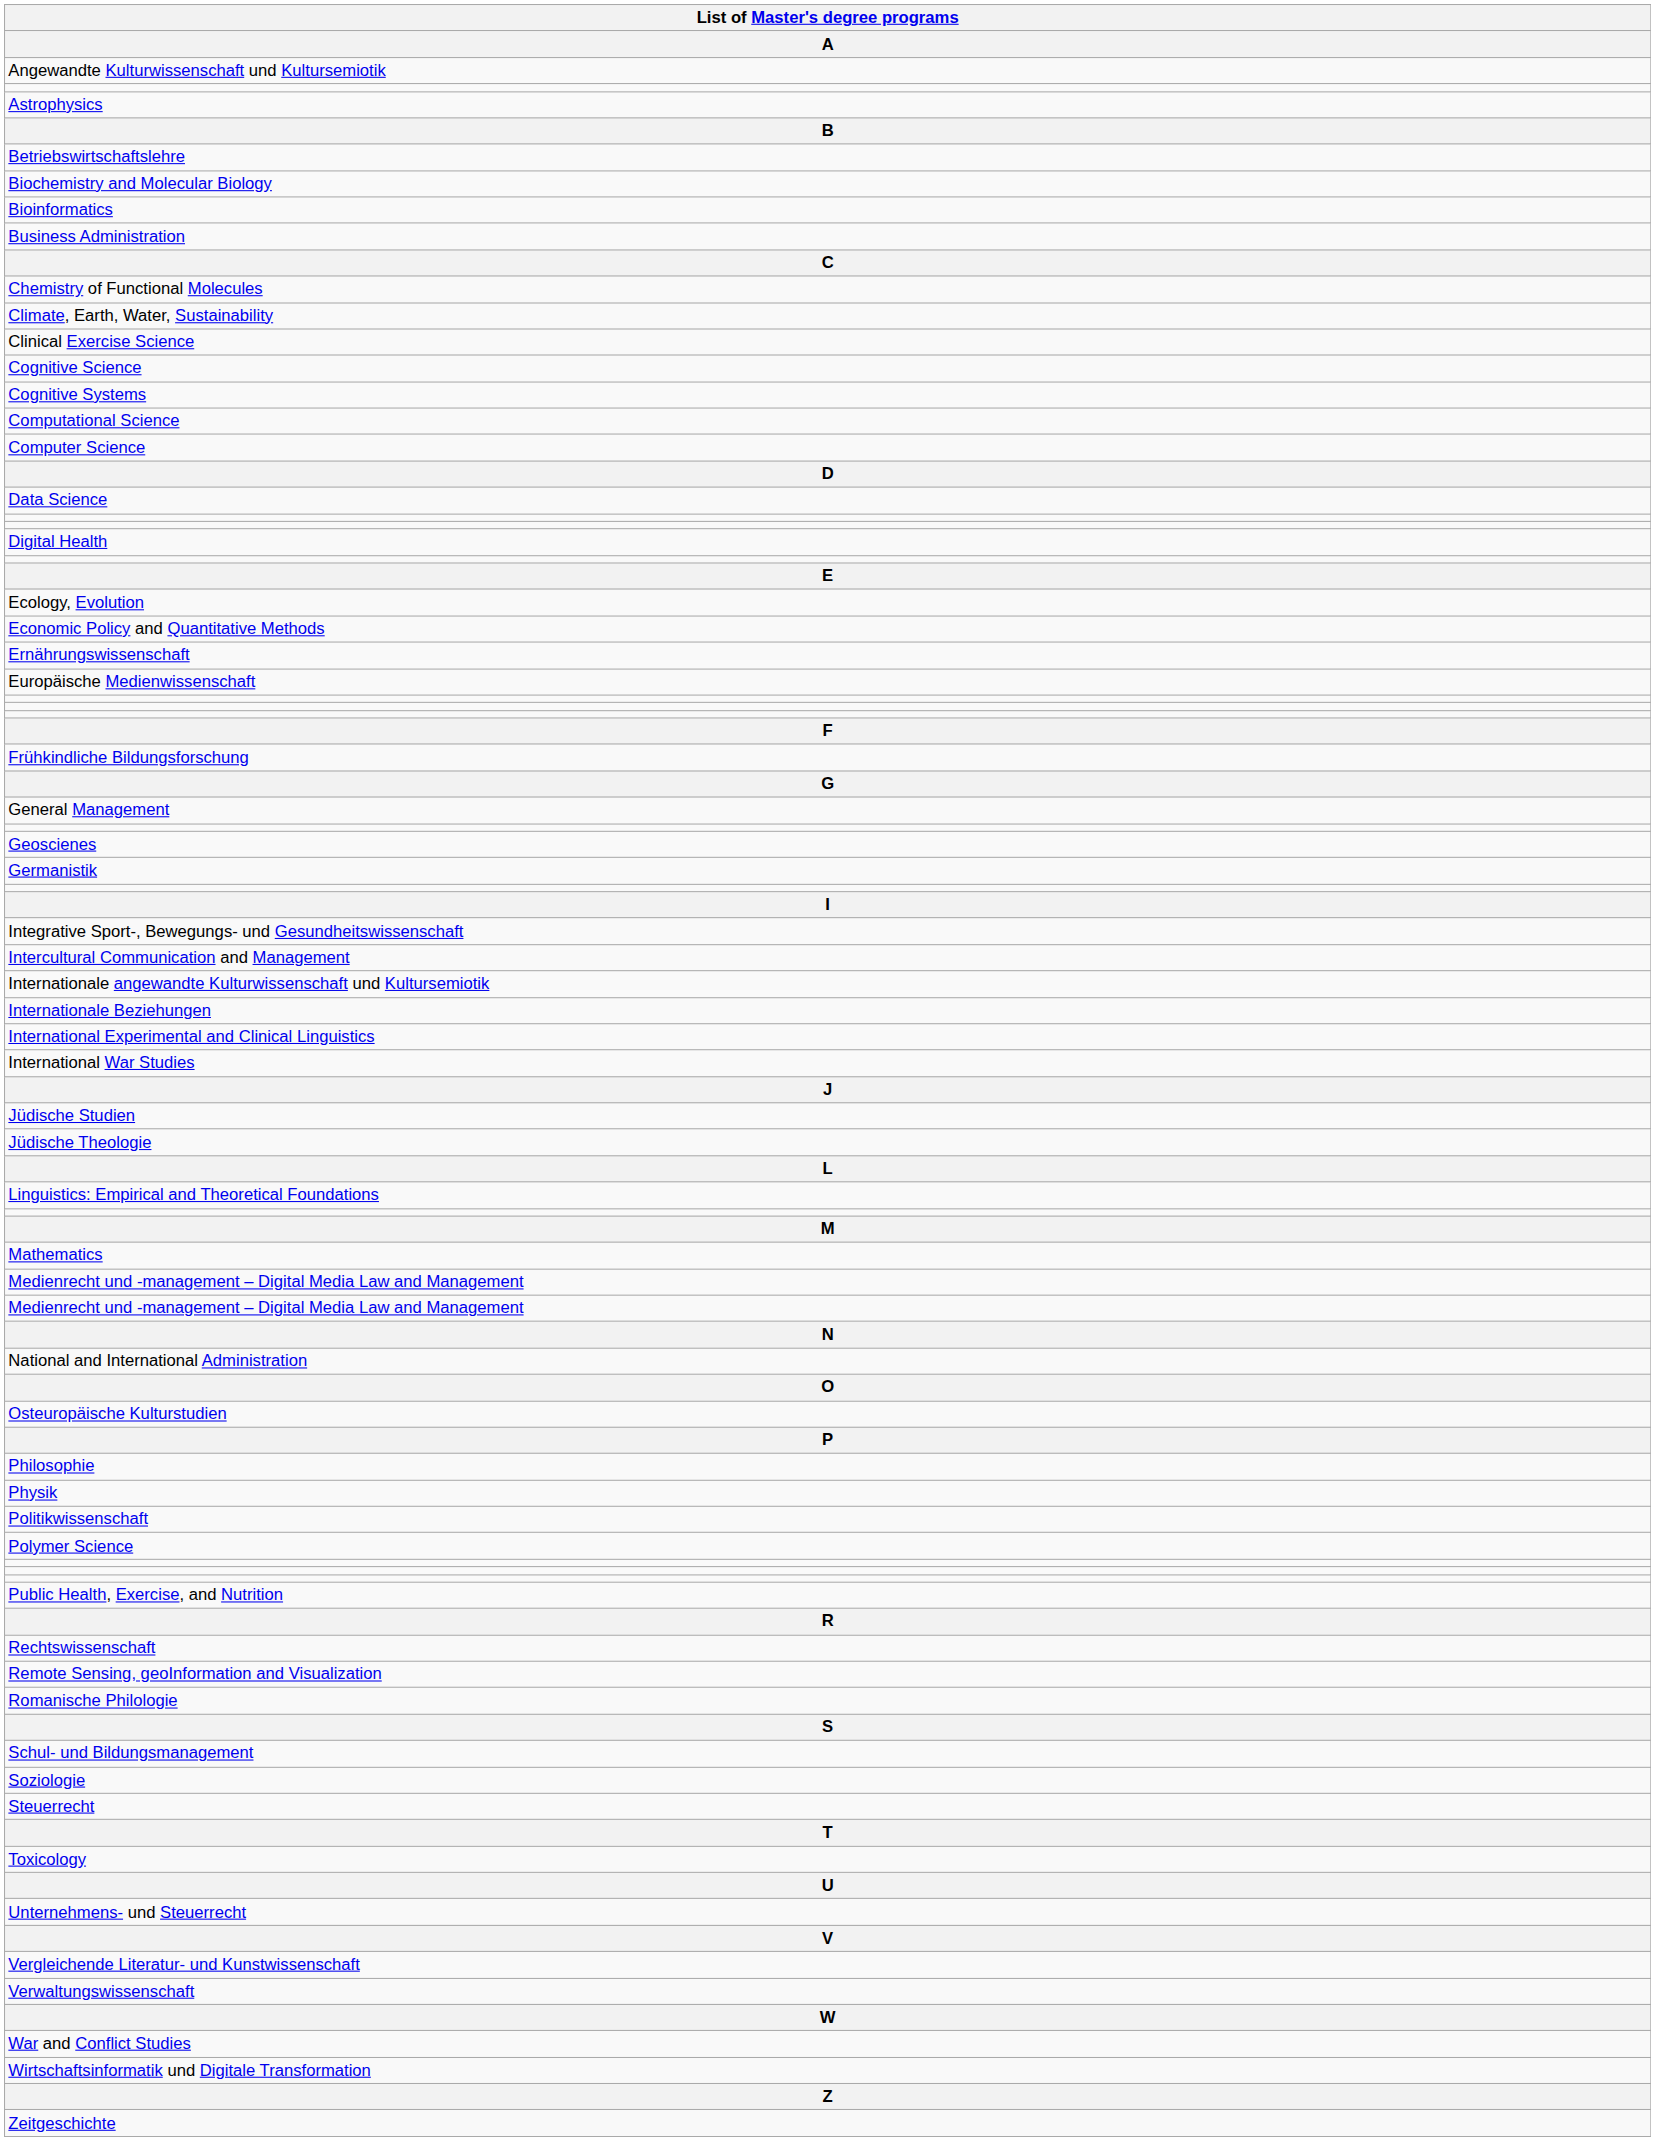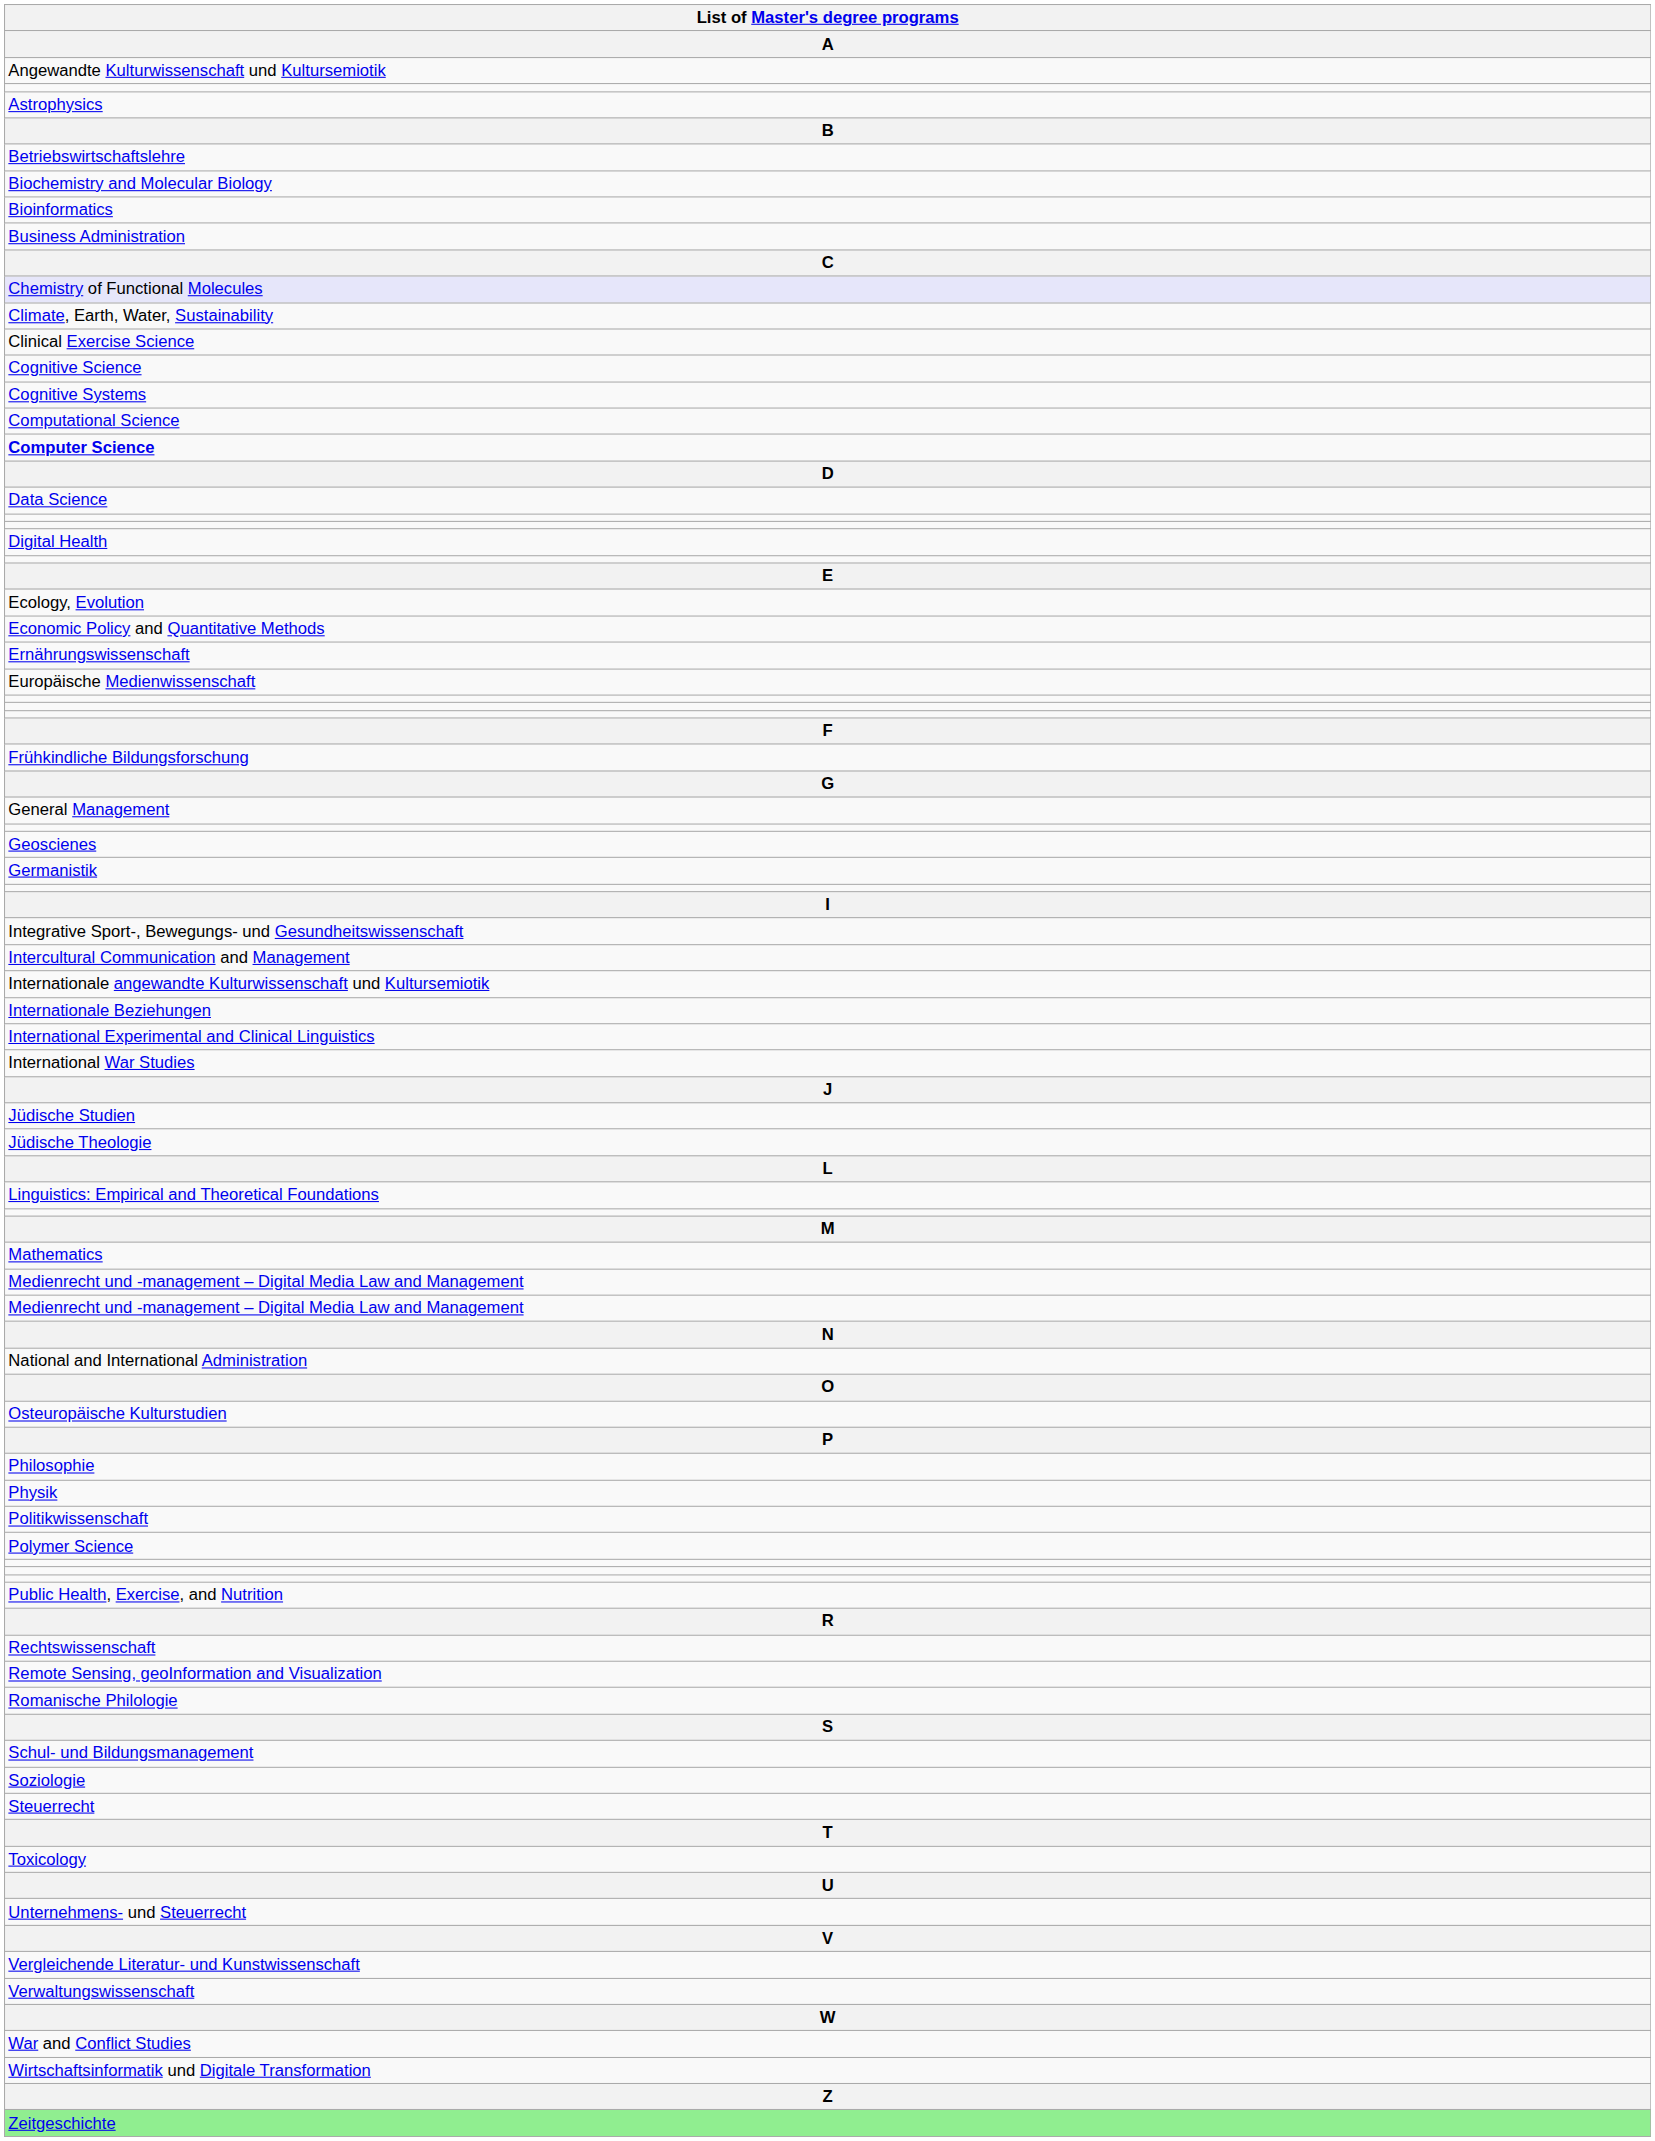 <table class="wikitable  mw-collapsible mw-collapsed" width="100%">
 <tr>
 <th>List of <a href='#'>Master's degree programs</a></th>
 </tr>
 <tr>
 <th>A</th>
 </tr>
 <tr>
 <td>Angewandte <a href='#'>Kulturwissenschaft</a> und <a href='#'>Kultursemiotik</a></td>
 </tr>
 <tr>
 <td></td>
 </tr>
 <tr>
 <td><a href='#'>Astrophysics</a></td>
 </tr>
 <tr>
 <th>B</th>
 </tr>
 <tr>
 <td><a href='#'>Betriebswirtschaftslehre</a></td>
 </tr>
 <tr>
 <td><a href='#'>Biochemistry and Molecular Biology</a></td>
 </tr>
 <tr>
 <td><a href='#'>Bioinformatics</a></td>
 </tr>
 <tr>
 <td><a href='#'>Business Administration</a></td>
 </tr>
 <tr>
 <th>C</th>
 </tr>
 <tr>
-<td><a href='#'>Chemistry</a> of Functional <a href='#'>Molecules</a></td>
+<td style="background: lavender;"><a href='#'>Chemistry</a> of Functional <a href='#'>Molecules</a></td>
 </tr>
 <tr>
 <td><a href='#'>Climate</a>, Earth, Water, <a href='#'>Sustainability</a></td>
 </tr>
 <tr>
 <td>Clinical <a href='#'>Exercise Science</a></td>
 </tr>
 <tr>
 <td><a href='#'>Cognitive Science</a></td>
 </tr>
 <tr>
 <td><a href='#'>Cognitive Systems</a></td>
 </tr>
 <tr>
 <td><a href='#'>Computational Science</a></td>
 </tr>
 <tr>
-<td><a href='#'>Computer Science</a></td>
+<td><strong><a href='#'>Computer Science</a></strong></td>
 </tr>
 <tr>
 <th>D</th>
 </tr>
 <tr>
 <td><a href='#'>Data Science</a></td>
 </tr>
 <tr>
 <td></td>
 </tr>
 <tr>
 <td></td>
 </tr>
 <tr>
 <td><a href='#'>Digital Health</a></td>
 </tr>
 <tr>
 <td></td>
 </tr>
 <tr>
 <th>E</th>
 </tr>
 <tr>
 <td>Ecology, <a href='#'>Evolution</a></td>
 </tr>
 <tr>
 <td><a href='#'>Economic Policy</a> and <a href='#'>Quantitative Methods</a></td>
 </tr>
 <tr>
 <td><a href='#'>Ernährungswissenschaft</a></td>
 </tr>
 <tr>
 <td>Europäische <a href='#'>Medienwissenschaft</a></td>
 </tr>
 <tr>
 <td></td>
 </tr>
 <tr>
 <td></td>
 </tr>
 <tr>
 <td></td>
 </tr>
 <tr>
 <th>F</th>
 </tr>
 <tr>
 <td><a href='#'>Frühkindliche Bildungsforschung</a></td>
 </tr>
 <tr>
 <th>G</th>
 </tr>
 <tr>
 <td>General <a href='#'>Management</a></td>
 </tr>
 <tr>
 <td></td>
 </tr>
 <tr>
 <td><a href='#'>Geoscienes</a></td>
 </tr>
 <tr>
 <td><a href='#'>Germanistik</a></td>
 </tr>
 <tr>
 <td></td>
 </tr>
 <tr>
 <th>I</th>
 </tr>
 <tr>
 <td>Integrative Sport-, Bewegungs- und <a href='#'>Gesundheitswissenschaft</a></td>
 </tr>
 <tr>
 <td><a href='#'>Intercultural Communication</a> and <a href='#'>Management</a></td>
 </tr>
 <tr>
 <td>Internationale <a href='#'>angewandte Kulturwissenschaft</a> und <a href='#'>Kultursemiotik</a></td>
 </tr>
 <tr>
 <td><a href='#'>Internationale Beziehungen</a></td>
 </tr>
 <tr>
 <td><a href='#'>International Experimental and Clinical Linguistics</a></td>
 </tr>
 <tr>
 <td>International <a href='#'>War Studies</a></td>
 </tr>
 <tr>
 <th>J</th>
 </tr>
 <tr>
 <td><a href='#'>Jüdische Studien</a></td>
 </tr>
 <tr>
 <td><a href='#'>Jüdische Theologie</a></td>
 </tr>
 <tr>
 <th>L</th>
 </tr>
 <tr>
 <td><a href='#'>Linguistics: Empirical and Theoretical Foundations</a></td>
 </tr>
 <tr>
 <td></td>
 </tr>
 <tr>
 <th>M</th>
 </tr>
 <tr>
 <td><a href='#'>Mathematics</a></td>
 </tr>
 <tr>
 <td><a href='#'>Medienrecht und -management – Digital Media Law and Management</a></td>
 </tr>
 <tr>
 <td><a href='#'>Medienrecht und -management – Digital Media Law and Management</a></td>
 </tr>
 <tr>
 <th>N</th>
 </tr>
 <tr>
 <td>National and International <a href='#'>Administration</a></td>
 </tr>
 <tr>
 <th>O</th>
 </tr>
 <tr>
 <td><a href='#'>Osteuropäische Kulturstudien</a></td>
 </tr>
 <tr>
 <th>P</th>
 </tr>
 <tr>
 <td><a href='#'>Philosophie</a></td>
 </tr>
 <tr>
 <td><a href='#'>Physik</a></td>
 </tr>
 <tr>
 <td><a href='#'>Politikwissenschaft</a></td>
 </tr>
 <tr>
 <td><a href='#'>Polymer Science</a></td>
 </tr>
 <tr>
 <td></td>
 </tr>
 <tr>
 <td></td>
 </tr>
 <tr>
 <td></td>
 </tr>
 <tr>
 <td><a href='#'>Public Health</a>, <a href='#'>Exercise</a>, and <a href='#'>Nutrition</a></td>
 </tr>
 <tr>
 <th>R</th>
 </tr>
 <tr>
 <td><a href='#'>Rechtswissenschaft</a></td>
 </tr>
 <tr>
 <td><a href='#'>Remote Sensing, geoInformation and Visualization</a></td>
 </tr>
 <tr>
 <td><a href='#'>Romanische Philologie</a></td>
 </tr>
 <tr>
 <th>S</th>
 </tr>
 <tr>
 <td><a href='#'>Schul- und Bildungsmanagement</a></td>
 </tr>
 <tr>
 <td><a href='#'>Soziologie</a></td>
 </tr>
 <tr>
 <td><a href='#'>Steuerrecht</a></td>
 </tr>
 <tr>
 <th>T</th>
 </tr>
 <tr>
 <td><a href='#'>Toxicology</a></td>
 </tr>
 <tr>
 <th>U</th>
 </tr>
 <tr>
 <td><a href='#'>Unternehmens-</a> und <a href='#'>Steuerrecht</a></td>
 </tr>
 <tr>
 <th>V</th>
 </tr>
 <tr>
 <td><a href='#'>Vergleichende Literatur- und Kunstwissenschaft</a></td>
 </tr>
 <tr>
 <td><a href='#'>Verwaltungswissenschaft</a></td>
 </tr>
 <tr>
 <th>W</th>
 </tr>
 <tr>
 <td><a href='#'>War</a> and <a href='#'>Conflict Studies</a></td>
 </tr>
 <tr>
 <td><a href='#'>Wirtschaftsinformatik</a> und <a href='#'>Digitale Transformation</a></td>
 </tr>
 <tr>
 <th>Z</th>
 </tr>
 <tr>
-<td><a href='#'>Zeitgeschichte</a></td>
+<td style="background: lightgreen;"><a href='#'>Zeitgeschichte</a></td>
 </tr>
 </table>
